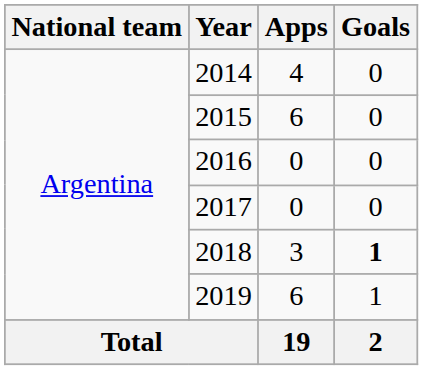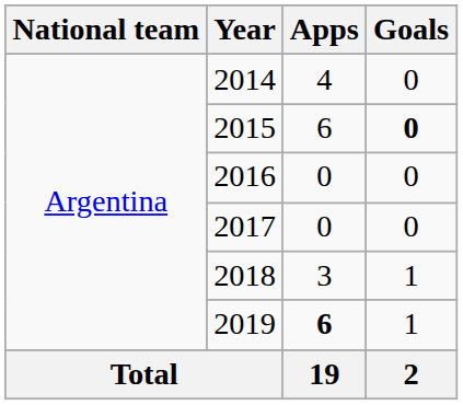 <table class="wikitable" style="text-align:center">
 <tr>
 <th>National team</th>
 <th>Year</th>
 <th>Apps</th>
 <th>Goals</th>
 </tr>
 <tr>
 <td rowspan="6"><a href='#'>Argentina</a></td>
 <td>2014</td>
 <td>4</td>
 <td>0</td>
 </tr>
 <tr>
 <td>2015</td>
 <td>6</td>
-<td>0</td>
+<td><strong>0</strong></td>
 </tr>
 <tr>
 <td>2016</td>
 <td>0</td>
 <td>0</td>
 </tr>
 <tr>
 <td>2017</td>
 <td>0</td>
 <td>0</td>
 </tr>
 <tr>
 <td>2018</td>
 <td>3</td>
-<td><strong>1</strong></td>
+<td>1</td>
 </tr>
 <tr>
 <td>2019</td>
-<td>6</td>
+<td><strong>6</strong></td>
 <td>1</td>
 </tr>
 <tr>
 <th colspan="2">Total</th>
 <th>19</th>
 <th>2</th>
 </tr>
 </table>
